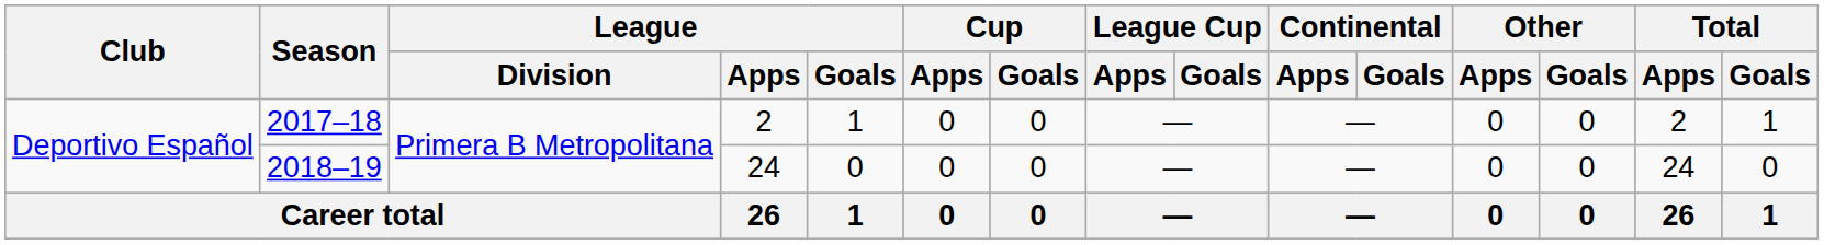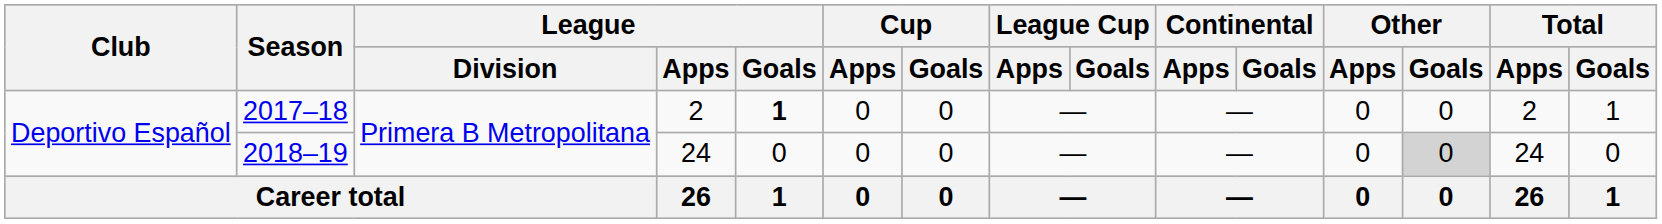 <table class="wikitable" style="text-align:center">
 <tr>
 <th rowspan="2">Club</th>
 <th rowspan="2">Season</th>
 <th colspan="3">League</th>
 <th colspan="2">Cup</th>
 <th colspan="2">League Cup</th>
 <th colspan="2">Continental</th>
 <th colspan="2">Other</th>
 <th colspan="2">Total</th>
 </tr>
 <tr>
 <th>Division</th>
 <th>Apps</th>
 <th>Goals</th>
 <th>Apps</th>
 <th>Goals</th>
 <th>Apps</th>
 <th>Goals</th>
 <th>Apps</th>
 <th>Goals</th>
 <th>Apps</th>
 <th>Goals</th>
 <th>Apps</th>
 <th>Goals</th>
 </tr>
 <tr>
 <td rowspan="2"><a href='#'>Deportivo Español</a></td>
 <td><a href='#'>2017–18</a></td>
 <td rowspan="2"><a href='#'>Primera B Metropolitana</a></td>
 <td>2</td>
-<td>1</td>
+<td><strong>1</strong></td>
 <td>0</td>
 <td>0</td>
 <td colspan="2">—</td>
 <td colspan="2">—</td>
 <td>0</td>
 <td>0</td>
 <td>2</td>
 <td>1</td>
 </tr>
 <tr>
 <td><a href='#'>2018–19</a></td>
 <td>24</td>
 <td>0</td>
 <td>0</td>
 <td>0</td>
 <td colspan="2">—</td>
 <td colspan="2">—</td>
 <td>0</td>
-<td>0</td>
+<td style="background: lightgrey;">0</td>
 <td>24</td>
 <td>0</td>
 </tr>
 <tr>
 <th colspan="3">Career total</th>
 <th>26</th>
 <th>1</th>
 <th>0</th>
 <th>0</th>
 <th colspan="2">—</th>
 <th colspan="2">—</th>
 <th>0</th>
 <th>0</th>
 <th>26</th>
 <th>1</th>
 </tr>
 </table>
